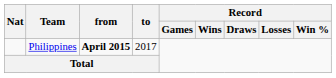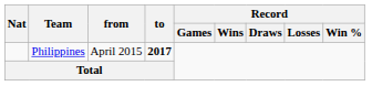 <table class="wikitable" style="text-align: center">
 <tr>
 <th rowspan="2">Nat</th>
 <th rowspan="2">Team</th>
 <th rowspan="2">from</th>
 <th rowspan="2">to</th>
 <th colspan="5">Record</th>
 </tr>
 <tr>
 <th>Games</th>
 <th>Wins</th>
 <th>Draws</th>
 <th>Losses</th>
 <th>Win %</th>
 </tr>
 <tr>
 <td></td>
 <td><a href='#'>Philippines</a></td>
-<td align="left"><strong>April 2015</strong></td>
-<td align="left">2017<br></td>
+<td align="left">April 2015</td>
+<td align="left"><strong>2017<br></strong></td>
 </tr>
 <tr>
 <th colspan="4">Total<br></th>
 </tr>
 </table>
